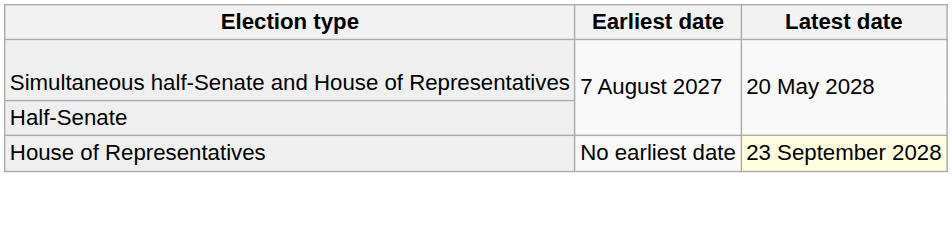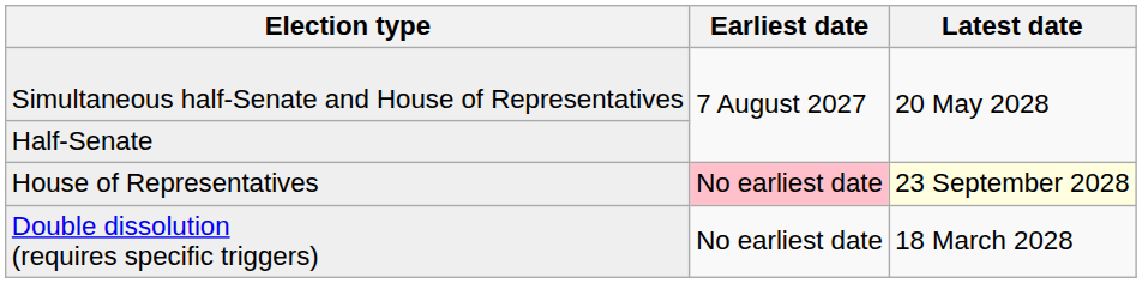 <table class="wikitable">
 <tr>
 <th>Election type</th>
 <th>Earliest date</th>
 <th>Latest date</th>
 </tr>
 <tr>
 <td style="background-color:#efefef;"><br>Simultaneous half-Senate and House of Representatives</td>
 <td rowspan="2">7 August 2027</td>
 <td rowspan="2">20 May 2028</td>
 </tr>
 <tr>
 <td style="background-color:#efefef;">Half-Senate</td>
 </tr>
 <tr>
 <td style="background-color:#efefef;">House of Representatives</td>
-<td>No earliest date</td>
+<td style="background: pink;">No earliest date</td>
 <td style="background: lightyellow;">23 September 2028</td>
 </tr>
+<tr>
+<td style="background-color:#efefef;"><a href='#'>Double dissolution</a><br>(requires specific triggers)</td>
+<td>No earliest date</td>
+<td>18 March 2028</td>
+</tr>
 </table>
